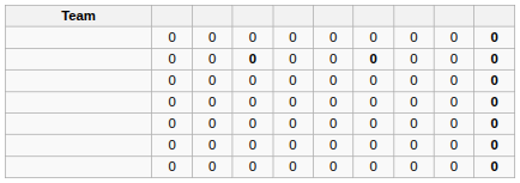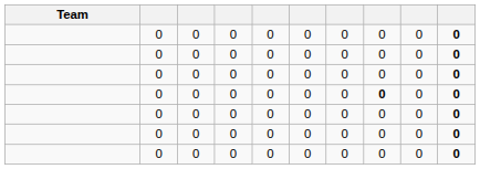 <table class="wikitable" style="text-align:center;">
 <tr>
 <th width=165>Team</th>
 <th width=40></th>
 <th width=40></th>
 <th width=40></th>
 <th width=40></th>
 <th width=40></th>
 <th width=40></th>
 <th width=40></th>
 <th width=40></th>
 <th width=40></th>
 </tr>
 <tr style="background:">
 <td style="text-align:left;"></td>
 <td>0</td>
 <td>0</td>
 <td>0</td>
 <td>0</td>
 <td>0</td>
 <td>0</td>
 <td>0</td>
 <td>0</td>
 <td><strong>0</strong></td>
 </tr>
 <tr style="background:">
 <td style="text-align:left;"></td>
 <td>0</td>
 <td>0</td>
-<td><strong>0</strong></td>
 <td>0</td>
 <td>0</td>
-<td><strong>0</strong></td>
+<td>0</td>
+<td>0</td>
 <td>0</td>
 <td>0</td>
 <td><strong>0</strong></td>
 </tr>
 <tr style="background:">
 <td style="text-align:left;"></td>
 <td>0</td>
 <td>0</td>
 <td>0</td>
 <td>0</td>
 <td>0</td>
 <td>0</td>
 <td>0</td>
 <td>0</td>
 <td><strong>0</strong></td>
 </tr>
 <tr style="background:">
 <td style="text-align:left;"><strong></strong></td>
 <td>0</td>
 <td>0</td>
 <td>0</td>
 <td>0</td>
 <td>0</td>
 <td>0</td>
-<td>0</td>
+<td><strong>0</strong></td>
 <td>0</td>
 <td><strong>0</strong></td>
 </tr>
 <tr style="background:">
 <td style="text-align:left;"></td>
 <td>0</td>
 <td>0</td>
 <td>0</td>
 <td>0</td>
 <td>0</td>
 <td>0</td>
 <td>0</td>
 <td>0</td>
 <td><strong>0</strong></td>
 </tr>
 <tr style="background:">
 <td style="text-align:left;"></td>
 <td>0</td>
 <td>0</td>
 <td>0</td>
 <td>0</td>
 <td>0</td>
 <td>0</td>
 <td>0</td>
 <td>0</td>
 <td><strong>0</strong></td>
 </tr>
 <tr style="background:">
 <td style="text-align:left;"></td>
 <td>0</td>
 <td>0</td>
 <td>0</td>
 <td>0</td>
 <td>0</td>
 <td>0</td>
 <td>0</td>
 <td>0</td>
 <td><strong>0</strong></td>
 </tr>
 </table>
